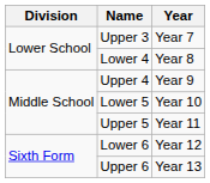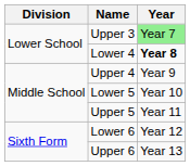 <table class="wikitable">
 <tr>
 <th>Division</th>
 <th>Name</th>
 <th>Year</th>
 </tr>
 <tr>
 <td rowspan="2">Lower School</td>
 <td>Upper 3</td>
-<td>Year 7</td>
+<td style="background: lightgreen;">Year 7</td>
 </tr>
 <tr>
 <td>Lower 4</td>
-<td>Year 8</td>
+<td><strong>Year 8</strong></td>
 </tr>
 <tr>
 <td rowspan="3">Middle School</td>
 <td>Upper 4</td>
 <td>Year 9</td>
 </tr>
 <tr>
 <td>Lower 5</td>
 <td>Year 10</td>
 </tr>
 <tr>
 <td>Upper 5</td>
 <td>Year 11</td>
 </tr>
 <tr>
 <td rowspan="2"><a href='#'>Sixth Form</a></td>
 <td>Lower 6</td>
 <td>Year 12</td>
 </tr>
 <tr>
 <td>Upper 6</td>
 <td>Year 13</td>
 </tr>
 </table>
